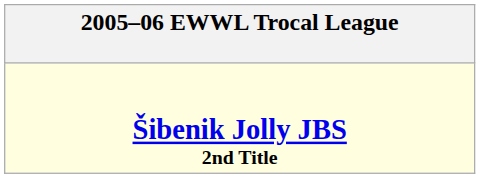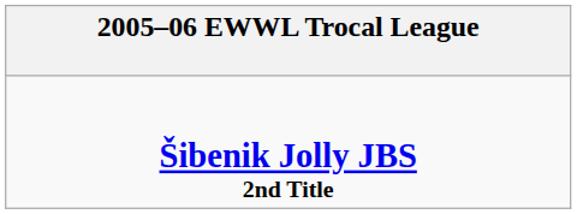 <table class="wikitable" style="margin: 0 auto; width: 30%;">
 <tr>
 <th><big>2005–06 EWWL Trocal League</big><br><br></th>
 </tr>
 <tr>
-<td align=center style="background: lightyellow;"><br><br><big><big><strong><a href='#'>Šibenik Jolly JBS</a></strong><br></big></big><strong>2nd Title</strong></td>
+<td align=center><br><br><big><big><strong><a href='#'>Šibenik Jolly JBS</a></strong><br></big></big><strong>2nd Title</strong></td>
 </tr>
 </table>
